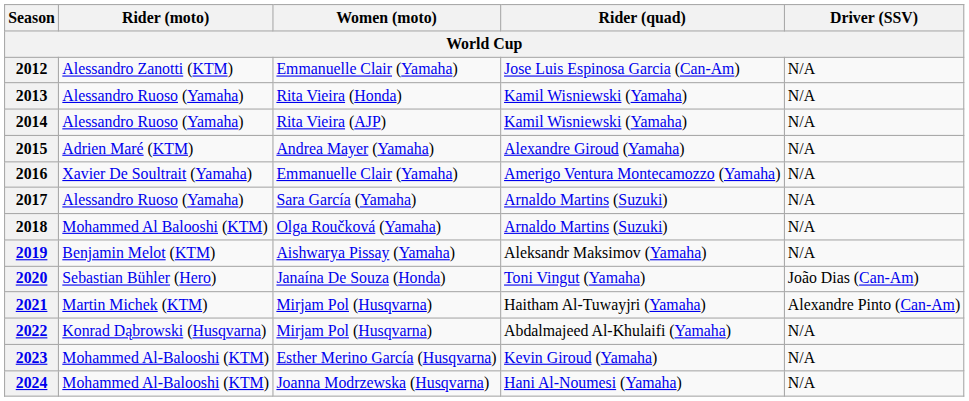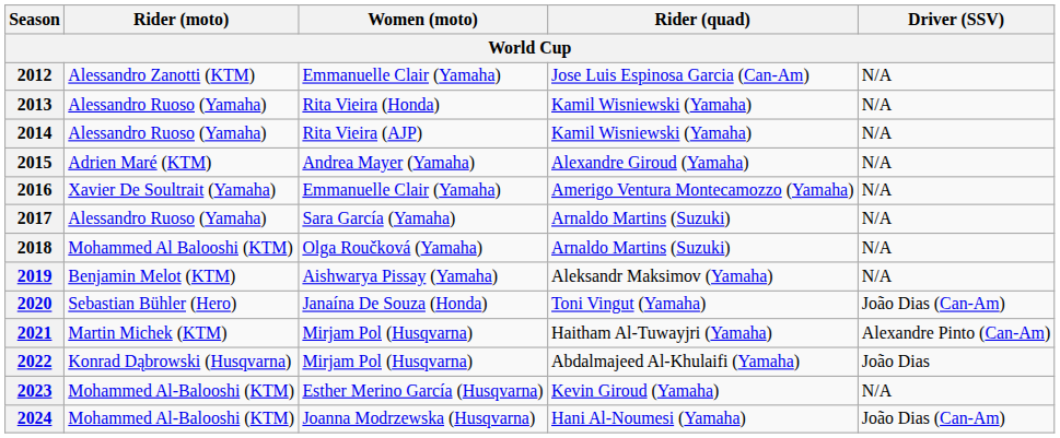 <table class="wikitable" style="font-size:90%;">
 <tr>
 <th>Season</th>
 <th>Rider (moto)</th>
 <th>Women (moto)</th>
 <th>Rider (quad)</th>
 <th>Driver (SSV)</th>
 </tr>
 <tr>
 <th Colspan="5">World Cup</th>
 </tr>
 <tr>
 <th>2012</th>
 <td> <a href='#'>Alessandro Zanotti</a> (<a href='#'>KTM</a>)</td>
 <td> <a href='#'>Emmanuelle Clair</a> (<a href='#'>Yamaha</a>)</td>
 <td> <a href='#'>Jose Luis Espinosa Garcia</a> (<a href='#'>Can-Am</a>)</td>
 <td>N/A</td>
 </tr>
 <tr>
 <th>2013</th>
 <td> <a href='#'>Alessandro Ruoso</a> (<a href='#'>Yamaha</a>)</td>
 <td> <a href='#'>Rita Vieira</a> (<a href='#'>Honda</a>)</td>
 <td> <a href='#'>Kamil Wisniewski</a> (<a href='#'>Yamaha</a>)</td>
 <td>N/A</td>
 </tr>
 <tr>
 <th>2014</th>
 <td> <a href='#'>Alessandro Ruoso</a> (<a href='#'>Yamaha</a>)</td>
 <td> <a href='#'>Rita Vieira</a> (<a href='#'>AJP</a>)</td>
 <td> <a href='#'>Kamil Wisniewski</a> (<a href='#'>Yamaha</a>)</td>
 <td>N/A</td>
 </tr>
 <tr>
 <th>2015</th>
 <td> <a href='#'>Adrien Maré</a> (<a href='#'>KTM</a>)</td>
 <td> <a href='#'>Andrea Mayer</a> (<a href='#'>Yamaha</a>)</td>
 <td> <a href='#'>Alexandre Giroud</a> (<a href='#'>Yamaha</a>)</td>
 <td>N/A</td>
 </tr>
 <tr>
 <th>2016</th>
 <td> <a href='#'>Xavier De Soultrait</a> (<a href='#'>Yamaha</a>)</td>
 <td> <a href='#'>Emmanuelle Clair</a> (<a href='#'>Yamaha</a>)</td>
 <td> <a href='#'>Amerigo Ventura Montecamozzo</a> (<a href='#'>Yamaha</a>)</td>
 <td>N/A</td>
 </tr>
 <tr>
 <th>2017</th>
 <td> <a href='#'>Alessandro Ruoso</a> (<a href='#'>Yamaha</a>)</td>
 <td> <a href='#'>Sara García</a> (<a href='#'>Yamaha</a>)</td>
 <td> <a href='#'>Arnaldo Martins</a> (<a href='#'>Suzuki</a>)</td>
 <td>N/A</td>
 </tr>
 <tr>
 <th>2018</th>
 <td> <a href='#'>Mohammed Al Balooshi</a> (<a href='#'>KTM</a>)</td>
 <td> <a href='#'>Olga Roučková</a> (<a href='#'>Yamaha</a>)</td>
 <td> <a href='#'>Arnaldo Martins</a> (<a href='#'>Suzuki</a>)</td>
 <td>N/A</td>
 </tr>
 <tr>
 <th><a href='#'>2019</a></th>
 <td> <a href='#'>Benjamin Melot</a> (<a href='#'>KTM</a>)</td>
 <td> <a href='#'>Aishwarya Pissay</a> (<a href='#'>Yamaha</a>)</td>
 <td> Aleksandr Maksimov (<a href='#'>Yamaha</a>)</td>
 <td>N/A</td>
 </tr>
 <tr>
 <th><a href='#'>2020</a></th>
 <td> <a href='#'>Sebastian Bühler</a> (<a href='#'>Hero</a>)</td>
 <td> <a href='#'>Janaína De Souza</a> (<a href='#'>Honda</a>)</td>
 <td> <a href='#'>Toni Vingut</a> (<a href='#'>Yamaha</a>)</td>
 <td> João Dias (<a href='#'>Can-Am</a>)</td>
 </tr>
 <tr>
 <th><a href='#'>2021</a></th>
 <td> <a href='#'>Martin Michek</a> (<a href='#'>KTM</a>)</td>
 <td> <a href='#'>Mirjam Pol</a> (<a href='#'>Husqvarna</a>)</td>
 <td> Haitham Al-Tuwayjri (<a href='#'>Yamaha</a>)</td>
 <td> Alexandre Pinto (<a href='#'>Can-Am</a>)</td>
 </tr>
 <tr>
 <th><a href='#'>2022</a></th>
 <td> <a href='#'>Konrad Dąbrowski</a> (<a href='#'>Husqvarna</a>)</td>
 <td> <a href='#'>Mirjam Pol</a> (<a href='#'>Husqvarna</a>)</td>
 <td> Abdalmajeed Al-Khulaifi (<a href='#'>Yamaha</a>)</td>
-<td>N/A</td>
+<td> João Dias</td>
 </tr>
 <tr>
 <th><a href='#'>2023</a></th>
 <td> <a href='#'>Mohammed Al-Balooshi</a> (<a href='#'>KTM</a>)</td>
 <td> <a href='#'>Esther Merino García</a> (<a href='#'>Husqvarna</a>)</td>
 <td> <a href='#'>Kevin Giroud</a> (<a href='#'>Yamaha</a>)</td>
 <td>N/A</td>
 </tr>
 <tr>
 <th><a href='#'>2024</a></th>
 <td> <a href='#'>Mohammed Al-Balooshi</a> (<a href='#'>KTM</a>)</td>
 <td> <a href='#'>Joanna Modrzewska</a> (<a href='#'>Husqvarna</a>)</td>
 <td> <a href='#'>Hani Al-Noumesi</a> (<a href='#'>Yamaha</a>)</td>
-<td>N/A</td>
+<td> João Dias (<a href='#'>Can-Am</a>)</td>
 </tr>
 </table>
